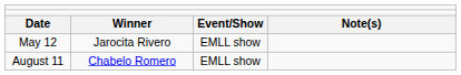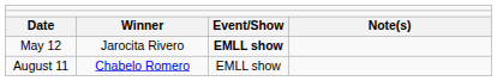 <table class="wikitable" style="text-align:center; width:100%;">
 <tr>
 <td colspan=5></td>
 </tr>
 <tr>
 <td colspan=5><strong></strong></td>
 </tr>
 <tr>
 <th width=14%>Date</th>
 <th width=26%>Winner</th>
 <th width=14%>Event/Show</th>
 <th width=40%>Note(s)</th>
 </tr>
 <tr>
 <td>May 12</td>
 <td>Jarocita Rivero</td>
-<td>EMLL show</td>
+<td><strong>EMLL show</strong></td>
 <td align=left></td>
 </tr>
 <tr>
 <td>August 11</td>
 <td><a href='#'>Chabelo Romero</a></td>
 <td>EMLL show</td>
 <td align=left></td>
 </tr>
 </table>
